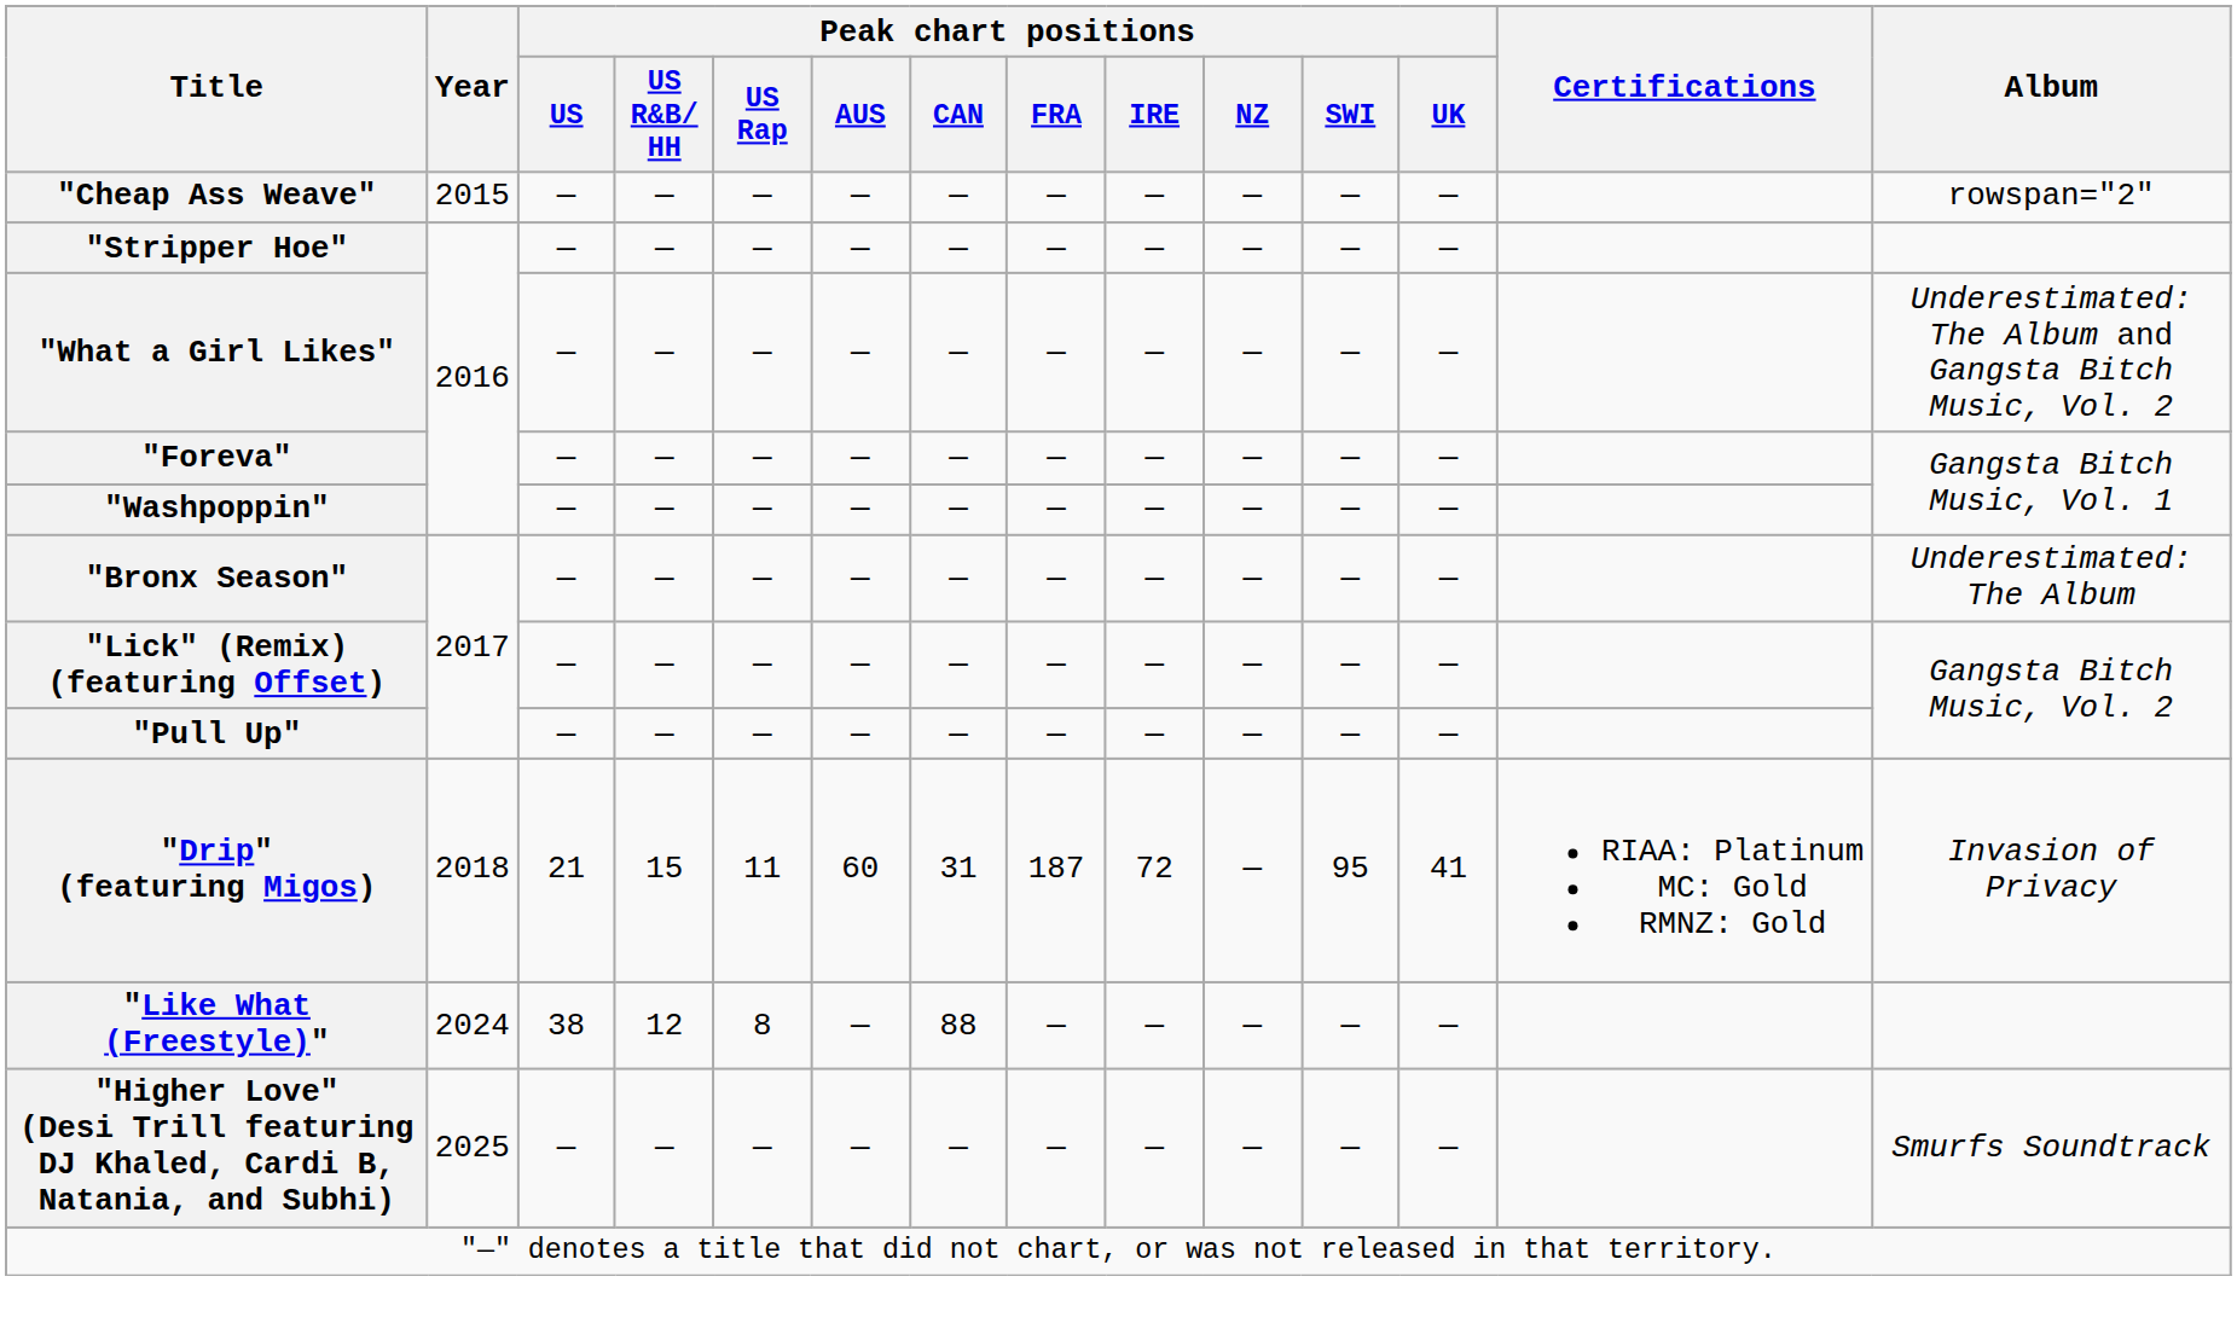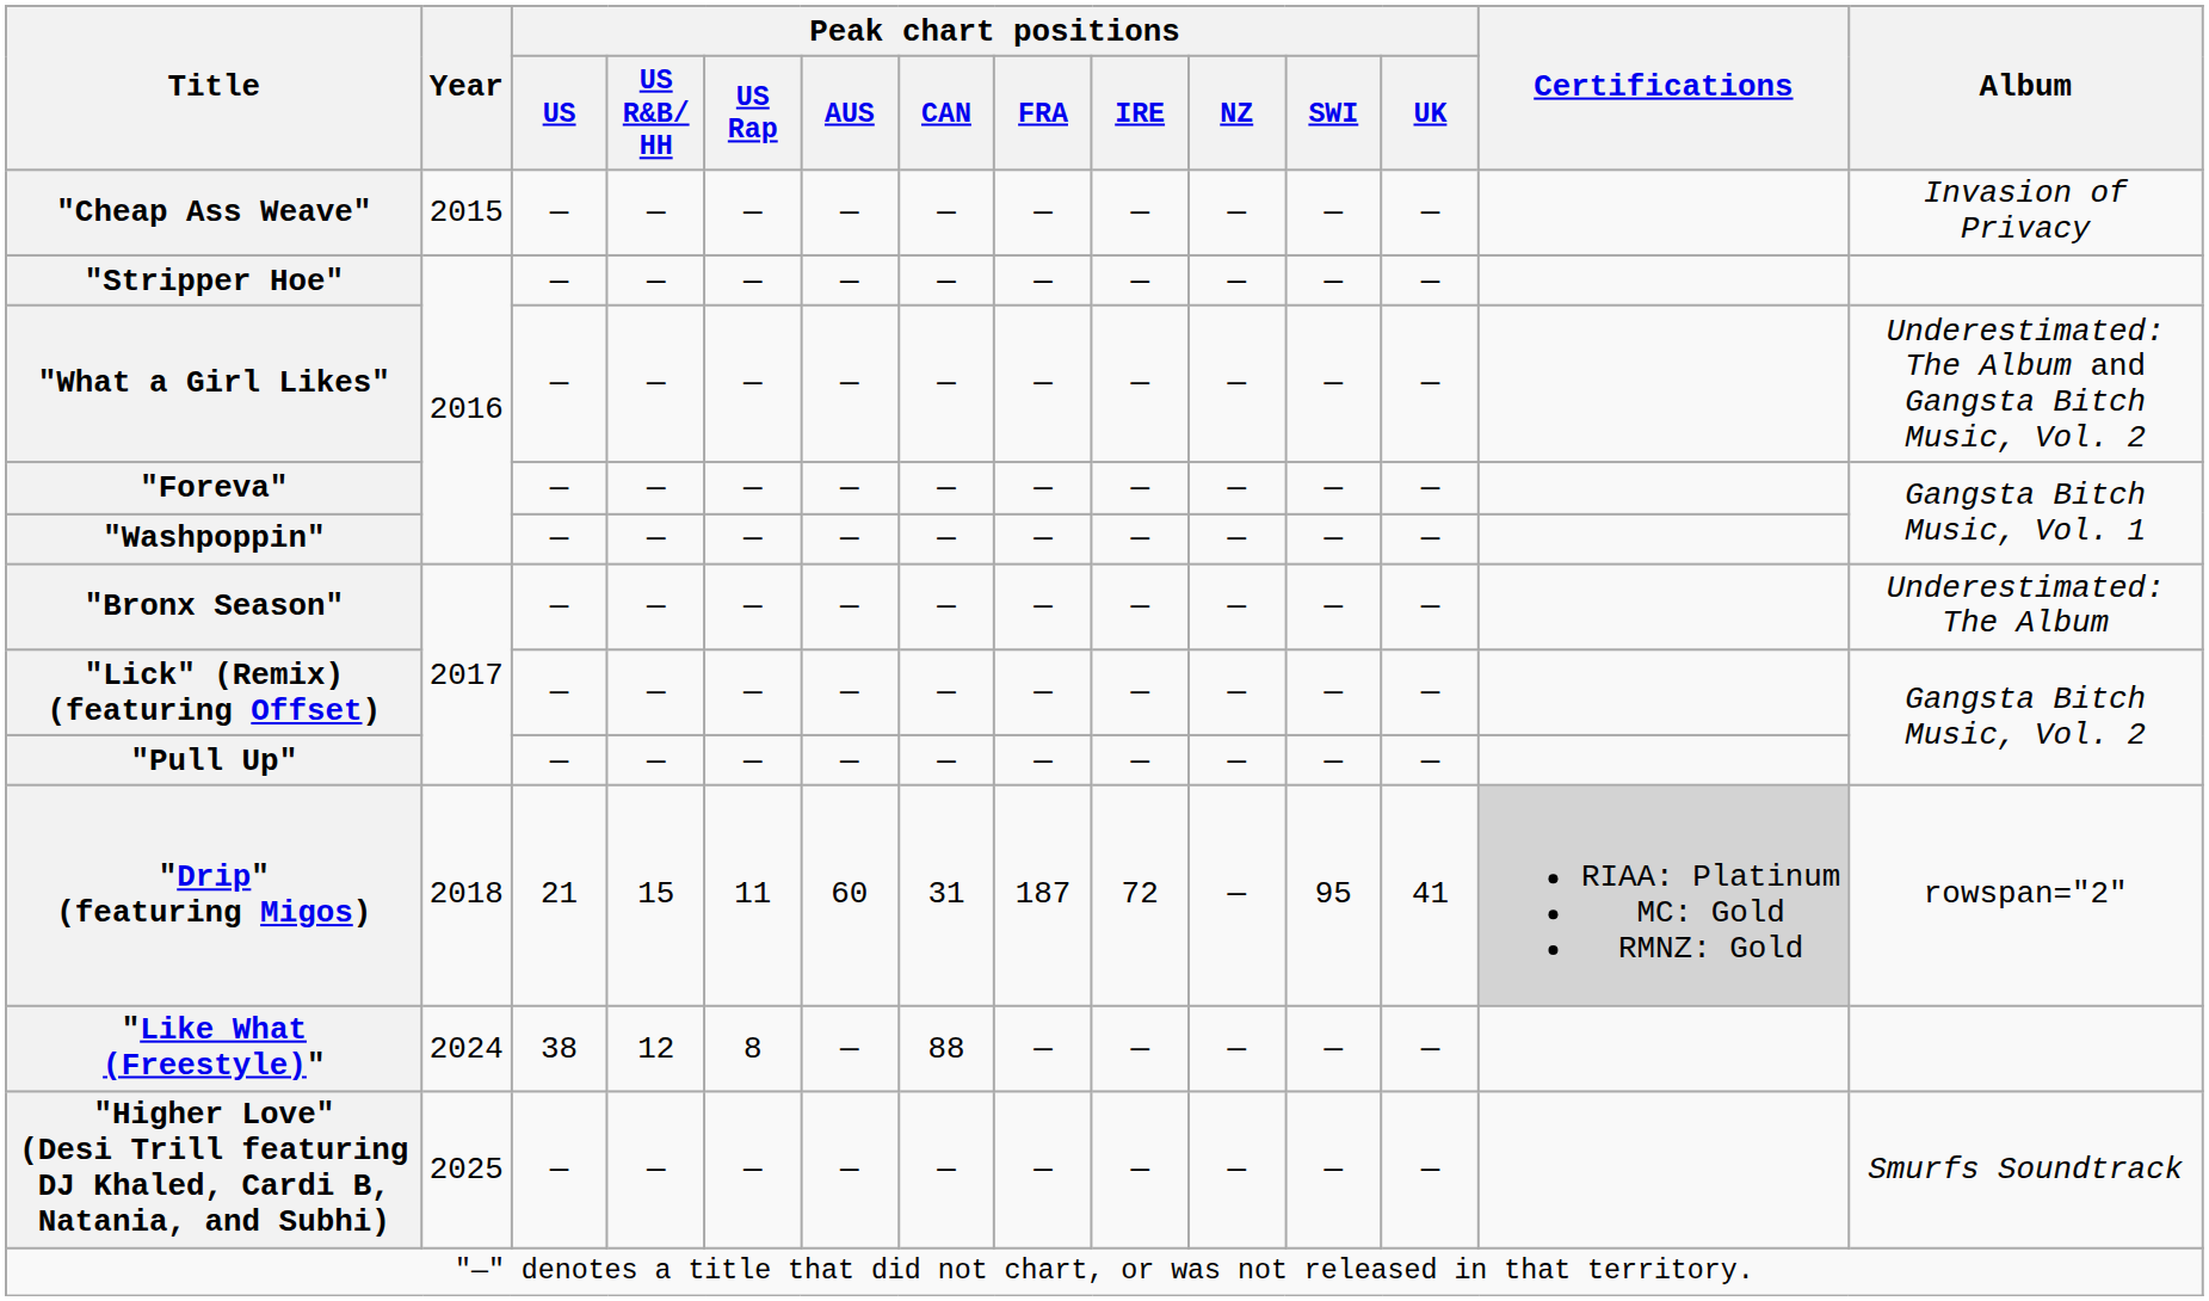 <table class="wikitable plainrowheaders" style="text-align:center;">
 <tr>
 <th scope="col" rowspan="2" style="width:13em;">Title</th>
 <th scope="col" rowspan="2" style="width:1em;">Year</th>
 <th scope="col" colspan="10">Peak chart positions</th>
 <th scope="col" rowspan="2" style="width:11.5em;"><a href='#'>Certifications</a></th>
 <th scope="col" rowspan="2" style="width:11em;">Album</th>
 </tr>
 <tr>
 <th scope="col" style="width:3em;font-size:90%;"><a href='#'>US</a><br></th>
 <th scope="col" style="width:3em;font-size:90%;"><a href='#'>US<br>R&B/<br>HH</a><br></th>
 <th scope="col" style="width:3em;font-size:90%;"><a href='#'>US<br>Rap</a><br></th>
 <th scope="col" style="width:3em;font-size:90%;"><a href='#'>AUS</a><br></th>
 <th scope="col" style="width:3em;font-size:90%;"><a href='#'>CAN</a><br></th>
 <th scope="col" style="width:3em;font-size:90%;"><a href='#'>FRA</a><br></th>
 <th scope="col" style="width:3em;font-size:90%;"><a href='#'>IRE</a><br></th>
 <th scope="col" style="width:3em;font-size:90%;"><a href='#'>NZ</a><br></th>
 <th scope="col" style="width:3em;font-size:90%;"><a href='#'>SWI</a><br></th>
 <th scope="col" style="width:3em;font-size:90%;"><a href='#'>UK</a><br></th>
 </tr>
 <tr>
 <th scope="row">"Cheap Ass Weave"</th>
 <td>2015</td>
 <td>—</td>
 <td>—</td>
 <td>—</td>
 <td>—</td>
 <td>—</td>
 <td>—</td>
 <td>—</td>
 <td>—</td>
 <td>—</td>
 <td>—</td>
 <td></td>
-<td>rowspan="2" </td>
+<td><em>Invasion of Privacy</em></td>
 </tr>
 <tr>
 <th scope="row">"Stripper Hoe"</th>
 <td rowspan="4">2016</td>
 <td>—</td>
 <td>—</td>
 <td>—</td>
 <td>—</td>
 <td>—</td>
 <td>—</td>
 <td>—</td>
 <td>—</td>
 <td>—</td>
 <td>—</td>
 <td></td>
 </tr>
 <tr>
 <th scope="row">"What a Girl Likes"</th>
 <td>—</td>
 <td>—</td>
 <td>—</td>
 <td>—</td>
 <td>—</td>
 <td>—</td>
 <td>—</td>
 <td>—</td>
 <td>—</td>
 <td>—</td>
 <td></td>
 <td><em>Underestimated: The Album</em> and <em>Gangsta Bitch Music, Vol. 2</em></td>
 </tr>
 <tr>
 <th scope="row">"Foreva"</th>
 <td>—</td>
 <td>—</td>
 <td>—</td>
 <td>—</td>
 <td>—</td>
 <td>—</td>
 <td>—</td>
 <td>—</td>
 <td>—</td>
 <td>—</td>
 <td></td>
 <td rowspan="2"><em>Gangsta Bitch Music, Vol. 1</em></td>
 </tr>
 <tr>
 <th scope="row">"Washpoppin"</th>
 <td>—</td>
 <td>—</td>
 <td>—</td>
 <td>—</td>
 <td>—</td>
 <td>—</td>
 <td>—</td>
 <td>—</td>
 <td>—</td>
 <td>—</td>
 <td></td>
 </tr>
 <tr>
 <th scope="row">"Bronx Season"</th>
 <td rowspan="3">2017</td>
 <td>—</td>
 <td>—</td>
 <td>—</td>
 <td>—</td>
 <td>—</td>
 <td>—</td>
 <td>—</td>
 <td>—</td>
 <td>—</td>
 <td>—</td>
 <td></td>
 <td><em>Underestimated: The Album</em></td>
 </tr>
 <tr>
 <th scope="row">"Lick" (Remix)<br><span>(featuring <a href='#'>Offset</a>)</span></th>
 <td>—</td>
 <td>—</td>
 <td>—</td>
 <td>—</td>
 <td>—</td>
 <td>—</td>
 <td>—</td>
 <td>—</td>
 <td>—</td>
 <td>—</td>
 <td></td>
 <td rowspan="2"><em>Gangsta Bitch Music, Vol. 2</em></td>
 </tr>
 <tr>
 <th scope="row">"Pull Up"</th>
 <td>—</td>
 <td>—</td>
 <td>—</td>
 <td>—</td>
 <td>—</td>
 <td>—</td>
 <td>—</td>
 <td>—</td>
 <td>—</td>
 <td>—</td>
 <td></td>
 </tr>
 <tr>
 <th scope="row">"<a href='#'>Drip</a>"<br><span>(featuring <a href='#'>Migos</a>)</span></th>
 <td>2018</td>
 <td>21</td>
 <td>15</td>
 <td>11</td>
 <td>60</td>
 <td>31</td>
 <td>187</td>
 <td>72</td>
 <td>—</td>
 <td>95</td>
 <td>41</td>
-<td><br><ul><li>RIAA: Platinum</li><li>MC: Gold</li><li>RMNZ: Gold</li></ul></td>
-<td><em>Invasion of Privacy</em></td>
+<td style="background: lightgrey;"><br><ul><li>RIAA: Platinum</li><li>MC: Gold</li><li>RMNZ: Gold</li></ul></td>
+<td>rowspan="2" </td>
 </tr>
 <tr>
 <th scope="row">"<a href='#'>Like What (Freestyle)</a>"</th>
 <td>2024</td>
 <td>38</td>
 <td>12</td>
 <td>8</td>
 <td>—</td>
 <td>88</td>
 <td>—</td>
 <td>—</td>
 <td>—</td>
 <td>—</td>
 <td>—</td>
 <td></td>
 <td></td>
 </tr>
 <tr>
 <th scope="row">"Higher Love"<br><span>(Desi Trill featuring DJ Khaled, Cardi B, Natania, and Subhi)</span></th>
 <td>2025</td>
 <td>—</td>
 <td>—</td>
 <td>—</td>
 <td>—</td>
 <td>—</td>
 <td>—</td>
 <td>—</td>
 <td>—</td>
 <td>—</td>
 <td>—</td>
 <td></td>
 <td><em>Smurfs Soundtrack</em></td>
 </tr>
 <tr>
 <td colspan="14" style="font-size:90%">"—" denotes a title that did not chart, or was not released in that territory.</td>
 </tr>
 </table>
